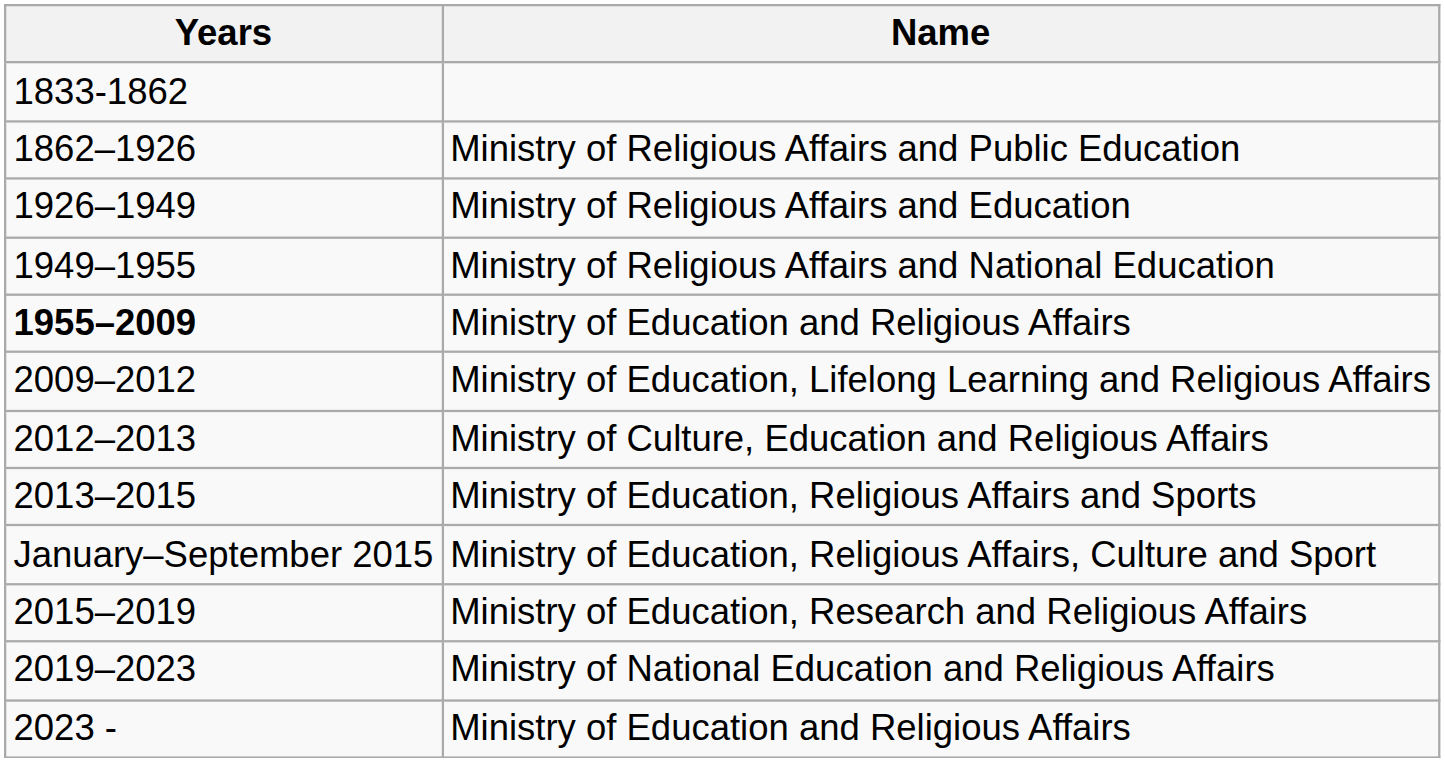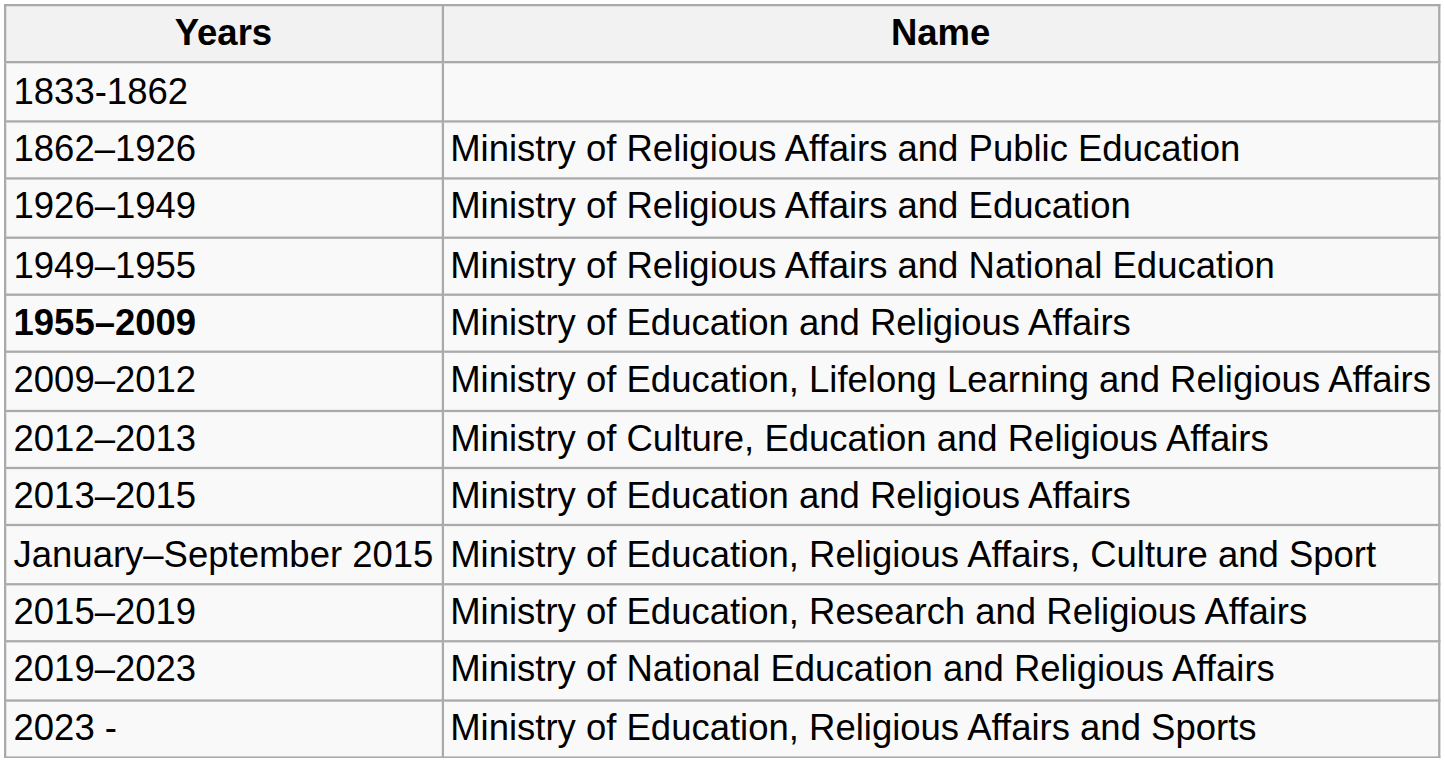 <table class="wikitable">
 <tr>
 <th>Years</th>
 <th>Name</th>
 </tr>
 <tr>
 <td>1833-1862</td>
 <td> </td>
 </tr>
 <tr>
 <td>1862–1926</td>
 <td>Ministry of Religious Affairs and Public Education</td>
 </tr>
 <tr>
 <td>1926–1949</td>
 <td>Ministry of Religious Affairs and Education</td>
 </tr>
 <tr>
 <td>1949–1955</td>
 <td>Ministry of Religious Affairs and National Education</td>
 </tr>
 <tr>
 <td><strong>1955–2009</strong></td>
 <td>Ministry of Education and Religious Affairs</td>
 </tr>
 <tr>
 <td>2009–2012</td>
 <td>Ministry of Education, Lifelong Learning and Religious Affairs</td>
 </tr>
 <tr>
 <td>2012–2013</td>
 <td>Ministry of Culture, Education and Religious Affairs</td>
 </tr>
 <tr>
 <td>2013–2015</td>
-<td>Ministry of Education, Religious Affairs and Sports</td>
+<td>Ministry of Education and Religious Affairs</td>
 </tr>
 <tr>
 <td>January–September 2015</td>
 <td>Ministry of Education, Religious Affairs, Culture and Sport</td>
 </tr>
 <tr>
 <td>2015–2019</td>
 <td>Ministry of Education, Research and Religious Affairs</td>
 </tr>
 <tr>
 <td>2019–2023</td>
 <td>Ministry of National Education and Religious Affairs</td>
 </tr>
 <tr>
 <td>2023 -</td>
-<td>Ministry of Education and Religious Affairs</td>
+<td>Ministry of Education, Religious Affairs and Sports</td>
 </tr>
 </table>
